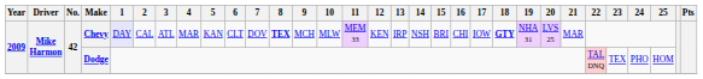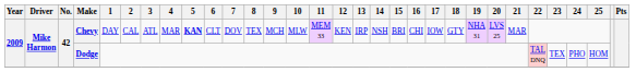 <table class="wikitable" style="text-align:center; font-size:75%">
 <tr>
 <th>Year</th>
 <th>Driver</th>
 <th>No.</th>
 <th>Make</th>
 <th>1</th>
 <th>2</th>
 <th>3</th>
 <th>4</th>
 <th>5</th>
 <th>6</th>
 <th>7</th>
 <th>8</th>
 <th>9</th>
 <th>10</th>
 <th>11</th>
 <th>12</th>
 <th>13</th>
 <th>14</th>
 <th>15</th>
 <th>16</th>
 <th>17</th>
 <th>18</th>
 <th>19</th>
 <th>20</th>
 <th>21</th>
 <th>22</th>
 <th>23</th>
 <th>24</th>
 <th>25</th>
 <th></th>
 <th>Pts</th>
 </tr>
 <tr>
 <th rowspan=2><a href='#'>2009</a></th>
 <th rowspan=2><a href='#'>Mike Harmon</a></th>
 <th rowspan=2>42</th>
 <th><a href='#'>Chevy</a></th>
-<td style="background: lavender;"><a href='#'>DAY</a></td>
+<td><a href='#'>DAY</a></td>
 <td><a href='#'>CAL</a></td>
 <td><a href='#'>ATL</a></td>
 <td><a href='#'>MAR</a></td>
-<td><a href='#'>KAN</a></td>
+<td><strong><a href='#'>KAN</a></strong></td>
 <td><a href='#'>CLT</a></td>
 <td><a href='#'>DOV</a></td>
-<td><strong><a href='#'>TEX</a></strong></td>
+<td><a href='#'>TEX</a></td>
 <td><a href='#'>MCH</a></td>
 <td><a href='#'>MLW</a></td>
 <td style="background:#EFCFFF;"><a href='#'>MEM</a><br><small>33</small></td>
 <td><a href='#'>KEN</a></td>
 <td><a href='#'>IRP</a></td>
 <td><a href='#'>NSH</a></td>
 <td><a href='#'>BRI</a></td>
 <td><a href='#'>CHI</a></td>
 <td><a href='#'>IOW</a></td>
-<td><strong><a href='#'>GTY</a></strong></td>
+<td><a href='#'>GTY</a></td>
 <td style="background:#EFCFFF;"><a href='#'>NHA</a><br><small>31</small></td>
 <td style="background:#EFCFFF;"><a href='#'>LVS</a><br><small>25</small></td>
 <td><a href='#'>MAR</a></td>
 <td colspan=4></td>
 <th rowspan=2></th>
 <th rowspan=2></th>
 </tr>
 <tr>
 <th><a href='#'>Dodge</a></th>
 <td colspan=21></td>
 <td style="background:#FFCFCF;"><a href='#'>TAL</a><br><small>DNQ</small></td>
 <td><a href='#'>TEX</a></td>
 <td><a href='#'>PHO</a></td>
 <td><a href='#'>HOM</a></td>
 </tr>
 <tr>
 </tr>
 </table>
